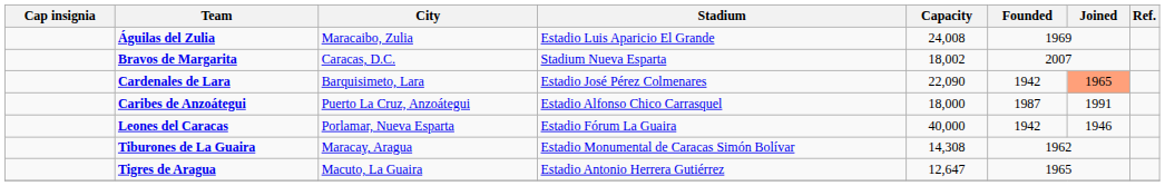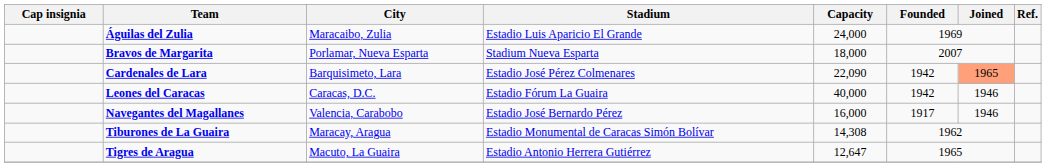 <table class="wikitable sortable" style="font-size:90%">
 <tr>
 <th>Cap insignia</th>
 <th>Team</th>
 <th>City</th>
 <th>Stadium</th>
 <th>Capacity</th>
 <th>Founded</th>
 <th>Joined</th>
 <th width=1% class=unsortable>Ref.</th>
 </tr>
 <tr>
 <td></td>
 <td><strong><a href='#'>Águilas del Zulia</a></strong></td>
 <td><a href='#'>Maracaibo, Zulia</a></td>
 <td><a href='#'>Estadio Luis Aparicio El Grande</a></td>
-<td style="text-align:center;">24,008</td>
+<td style="text-align:center;">24,000</td>
 <td style="text-align:center;" colspan="2">1969</td>
 <td></td>
 </tr>
 <tr>
 <td></td>
 <td><strong><a href='#'>Bravos de Margarita</a></strong></td>
-<td><a href='#'>Caracas, D.C.</a></td>
+<td><a href='#'>Porlamar, Nueva Esparta</a></td>
 <td><a href='#'>Stadium Nueva Esparta</a></td>
-<td style="text-align:center;">18,002</td>
+<td style="text-align:center;">18,000</td>
 <td style="text-align:center;" colspan="2">2007</td>
 <td></td>
 </tr>
 <tr>
 <td></td>
 <td><strong><a href='#'>Cardenales de Lara</a></strong></td>
 <td><a href='#'>Barquisimeto, Lara</a></td>
 <td><a href='#'>Estadio José Pérez Colmenares</a></td>
 <td style="text-align:center;">22,090</td>
 <td style="text-align:center;">1942</td>
 <td style="background: lightsalmon; text-align:center;">1965</td>
 <td></td>
 </tr>
 <tr>
 <td></td>
-<td><strong><a href='#'>Caribes de Anzoátegui</a></strong></td>
-<td><a href='#'>Puerto La Cruz, Anzoátegui</a></td>
-<td><a href='#'>Estadio Alfonso Chico Carrasquel</a></td>
-<td style="text-align:center;">18,000</td>
-<td style="text-align:center;">1987</td>
-<td style="text-align:center;">1991</td>
+<td><strong><a href='#'>Leones del Caracas</a></strong></td>
+<td><a href='#'>Caracas, D.C.</a></td>
+<td><a href='#'>Estadio Fórum La Guaira</a></td>
+<td style="text-align:center;">40,000</td>
+<td style="text-align:center;">1942</td>
+<td style="text-align:center;">1946</td>
 <td></td>
 </tr>
 <tr>
 <td></td>
-<td><strong><a href='#'>Leones del Caracas</a></strong></td>
-<td><a href='#'>Porlamar, Nueva Esparta</a></td>
-<td><a href='#'>Estadio Fórum La Guaira</a></td>
-<td style="text-align:center;">40,000</td>
-<td style="text-align:center;">1942</td>
+<td><strong><a href='#'>Navegantes del Magallanes</a></strong></td>
+<td><a href='#'>Valencia, Carabobo</a></td>
+<td><a href='#'>Estadio José Bernardo Pérez</a></td>
+<td style="text-align:center;">16,000</td>
+<td style="text-align:center;">1917</td>
 <td style="text-align:center;">1946</td>
 <td></td>
 </tr>
 <tr>
 <td></td>
 <td><strong><a href='#'>Tiburones de La Guaira</a></strong></td>
 <td><a href='#'>Maracay, Aragua</a></td>
 <td><a href='#'>Estadio Monumental de Caracas Simón Bolívar</a></td>
 <td style="text-align:center;">14,308</td>
 <td style="text-align:center;" colspan="2">1962</td>
 <td></td>
 </tr>
 <tr>
 <td></td>
 <td><strong><a href='#'>Tigres de Aragua</a></strong></td>
 <td><a href='#'>Macuto, La Guaira</a></td>
 <td><a href='#'>Estadio Antonio Herrera Gutiérrez</a></td>
 <td style="text-align:center;">12,647</td>
 <td style="text-align:center;" colspan="2">1965</td>
 <td></td>
 </tr>
 <tr>
 </tr>
 </table>
